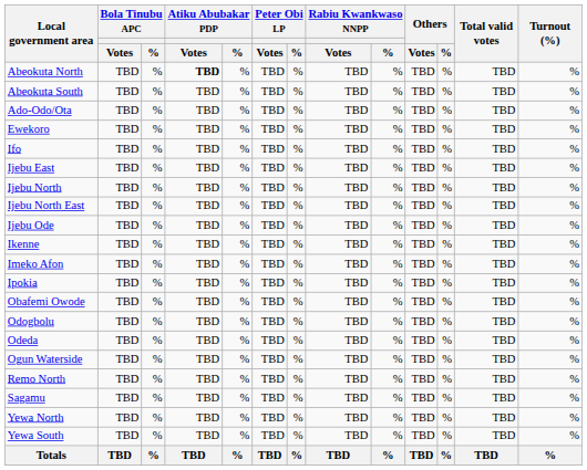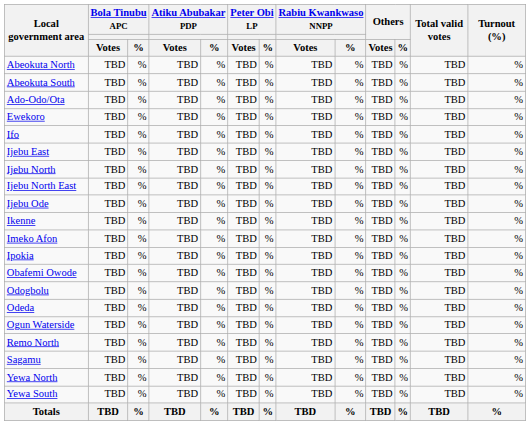 <table class="wikitable sortable" style="text-align:right; font-size:90%">
 <tr>
 <th rowspan="3" style="max-width:7.5em;">Local government area</th>
 <th colspan="2"><a href='#'>Bola Tinubu</a><br><small>APC</small></th>
 <th colspan="2"><a href='#'>Atiku Abubakar</a><br><small>PDP</small></th>
 <th colspan="2"><a href='#'>Peter Obi</a><br><small>LP</small></th>
 <th colspan="2"><a href='#'>Rabiu Kwankwaso</a><br><small>NNPP</small></th>
 <th colspan="2" rowspan="2">Others</th>
 <th rowspan="3" style="max-width:5em;">Total valid votes</th>
 <th rowspan="3" style="max-width:5em;">Turnout (%)</th>
 </tr>
 <tr>
 <th colspan=2 style="background-color:"></th>
 <th colspan=2 style="background-color:"></th>
 <th colspan=2 style="background-color:"></th>
 <th colspan=2 style="background-color:"></th>
 </tr>
 <tr>
 <th>Votes</th>
 <th>%</th>
 <th>Votes</th>
 <th>%</th>
 <th>Votes</th>
 <th>%</th>
 <th>Votes</th>
 <th>%</th>
 <th>Votes</th>
 <th>%</th>
 </tr>
 <tr style="background-color:#">
 <td style="text-align:left;"><a href='#'>Abeokuta North</a></td>
 <td>TBD</td>
 <td>%</td>
-<td><strong>TBD</strong></td>
+<td>TBD</td>
 <td>%</td>
 <td>TBD</td>
 <td>%</td>
 <td>TBD</td>
 <td>%</td>
 <td>TBD</td>
 <td>%</td>
 <td>TBD</td>
 <td>%</td>
 </tr>
 <tr style="background-color:#">
 <td style="text-align:left;"><a href='#'>Abeokuta South</a></td>
 <td>TBD</td>
 <td>%</td>
 <td>TBD</td>
 <td>%</td>
 <td>TBD</td>
 <td>%</td>
 <td>TBD</td>
 <td>%</td>
 <td>TBD</td>
 <td>%</td>
 <td>TBD</td>
 <td>%</td>
 </tr>
 <tr style="background-color:#">
 <td style="text-align:left;"><a href='#'>Ado-Odo/Ota</a></td>
 <td>TBD</td>
 <td>%</td>
 <td>TBD</td>
 <td>%</td>
 <td>TBD</td>
 <td>%</td>
 <td>TBD</td>
 <td>%</td>
 <td>TBD</td>
 <td>%</td>
 <td>TBD</td>
 <td>%</td>
 </tr>
 <tr style="background-color:#">
 <td style="text-align:left;"><a href='#'>Ewekoro</a></td>
 <td>TBD</td>
 <td>%</td>
 <td>TBD</td>
 <td>%</td>
 <td>TBD</td>
 <td>%</td>
 <td>TBD</td>
 <td>%</td>
 <td>TBD</td>
 <td>%</td>
 <td>TBD</td>
 <td>%</td>
 </tr>
 <tr style="background-color:#">
 <td style="text-align:left;"><a href='#'>Ifo</a></td>
 <td>TBD</td>
 <td>%</td>
 <td>TBD</td>
 <td>%</td>
 <td>TBD</td>
 <td>%</td>
 <td>TBD</td>
 <td>%</td>
 <td>TBD</td>
 <td>%</td>
 <td>TBD</td>
 <td>%</td>
 </tr>
 <tr style="background-color:#">
 <td style="text-align:left;"><a href='#'>Ijebu East</a></td>
 <td>TBD</td>
 <td>%</td>
 <td>TBD</td>
 <td>%</td>
 <td>TBD</td>
 <td>%</td>
 <td>TBD</td>
 <td>%</td>
 <td>TBD</td>
 <td>%</td>
 <td>TBD</td>
 <td>%</td>
 </tr>
 <tr style="background-color:#">
 <td style="text-align:left;"><a href='#'>Ijebu North</a></td>
 <td>TBD</td>
 <td>%</td>
 <td>TBD</td>
 <td>%</td>
 <td>TBD</td>
 <td>%</td>
 <td>TBD</td>
 <td>%</td>
 <td>TBD</td>
 <td>%</td>
 <td>TBD</td>
 <td>%</td>
 </tr>
 <tr style="background-color:#">
 <td style="text-align:left;"><a href='#'>Ijebu North East</a></td>
 <td>TBD</td>
 <td>%</td>
 <td>TBD</td>
 <td>%</td>
 <td>TBD</td>
 <td>%</td>
 <td>TBD</td>
 <td>%</td>
 <td>TBD</td>
 <td>%</td>
 <td>TBD</td>
 <td>%</td>
 </tr>
 <tr style="background-color:#">
 <td style="text-align:left;"><a href='#'>Ijebu Ode</a></td>
 <td>TBD</td>
 <td>%</td>
 <td>TBD</td>
 <td>%</td>
 <td>TBD</td>
 <td>%</td>
 <td>TBD</td>
 <td>%</td>
 <td>TBD</td>
 <td>%</td>
 <td>TBD</td>
 <td>%</td>
 </tr>
 <tr style="background-color:#">
 <td style="text-align:left;"><a href='#'>Ikenne</a></td>
 <td>TBD</td>
 <td>%</td>
 <td>TBD</td>
 <td>%</td>
 <td>TBD</td>
 <td>%</td>
 <td>TBD</td>
 <td>%</td>
 <td>TBD</td>
 <td>%</td>
 <td>TBD</td>
 <td>%</td>
 </tr>
 <tr style="background-color:#">
 <td style="text-align:left;"><a href='#'>Imeko Afon</a></td>
 <td>TBD</td>
 <td>%</td>
 <td>TBD</td>
 <td>%</td>
 <td>TBD</td>
 <td>%</td>
 <td>TBD</td>
 <td>%</td>
 <td>TBD</td>
 <td>%</td>
 <td>TBD</td>
 <td>%</td>
 </tr>
 <tr style="background-color:#">
 <td style="text-align:left;"><a href='#'>Ipokia</a></td>
 <td>TBD</td>
 <td>%</td>
 <td>TBD</td>
 <td>%</td>
 <td>TBD</td>
 <td>%</td>
 <td>TBD</td>
 <td>%</td>
 <td>TBD</td>
 <td>%</td>
 <td>TBD</td>
 <td>%</td>
 </tr>
 <tr style="background-color:#">
 <td style="text-align:left;"><a href='#'>Obafemi Owode</a></td>
 <td>TBD</td>
 <td>%</td>
 <td>TBD</td>
 <td>%</td>
 <td>TBD</td>
 <td>%</td>
 <td>TBD</td>
 <td>%</td>
 <td>TBD</td>
 <td>%</td>
 <td>TBD</td>
 <td>%</td>
 </tr>
 <tr style="background-color:#">
 <td style="text-align:left;"><a href='#'>Odogbolu</a></td>
 <td>TBD</td>
 <td>%</td>
 <td>TBD</td>
 <td>%</td>
 <td>TBD</td>
 <td>%</td>
 <td>TBD</td>
 <td>%</td>
 <td>TBD</td>
 <td>%</td>
 <td>TBD</td>
 <td>%</td>
 </tr>
 <tr style="background-color:#">
 <td style="text-align:left;"><a href='#'>Odeda</a></td>
 <td>TBD</td>
 <td>%</td>
 <td>TBD</td>
 <td>%</td>
 <td>TBD</td>
 <td>%</td>
 <td>TBD</td>
 <td>%</td>
 <td>TBD</td>
 <td>%</td>
 <td>TBD</td>
 <td>%</td>
 </tr>
 <tr style="background-color:#">
 <td style="text-align:left;"><a href='#'>Ogun Waterside</a></td>
 <td>TBD</td>
 <td>%</td>
 <td>TBD</td>
 <td>%</td>
 <td>TBD</td>
 <td>%</td>
 <td>TBD</td>
 <td>%</td>
 <td>TBD</td>
 <td>%</td>
 <td>TBD</td>
 <td>%</td>
 </tr>
 <tr style="background-color:#">
 <td style="text-align:left;"><a href='#'>Remo North</a></td>
 <td>TBD</td>
 <td>%</td>
 <td>TBD</td>
 <td>%</td>
 <td>TBD</td>
 <td>%</td>
 <td>TBD</td>
 <td>%</td>
 <td>TBD</td>
 <td>%</td>
 <td>TBD</td>
 <td>%</td>
 </tr>
 <tr style="background-color:#">
 <td style="text-align:left;"><a href='#'>Sagamu</a></td>
 <td>TBD</td>
 <td>%</td>
 <td>TBD</td>
 <td>%</td>
 <td>TBD</td>
 <td>%</td>
 <td>TBD</td>
 <td>%</td>
 <td>TBD</td>
 <td>%</td>
 <td>TBD</td>
 <td>%</td>
 </tr>
 <tr style="background-color:#">
 <td style="text-align:left;"><a href='#'>Yewa North</a></td>
 <td>TBD</td>
 <td>%</td>
 <td>TBD</td>
 <td>%</td>
 <td>TBD</td>
 <td>%</td>
 <td>TBD</td>
 <td>%</td>
 <td>TBD</td>
 <td>%</td>
 <td>TBD</td>
 <td>%</td>
 </tr>
 <tr style="background-color:#">
 <td style="text-align:left;"><a href='#'>Yewa South</a></td>
 <td>TBD</td>
 <td>%</td>
 <td>TBD</td>
 <td>%</td>
 <td>TBD</td>
 <td>%</td>
 <td>TBD</td>
 <td>%</td>
 <td>TBD</td>
 <td>%</td>
 <td>TBD</td>
 <td>%</td>
 </tr>
 <tr>
 <th>Totals</th>
 <th>TBD</th>
 <th>%</th>
 <th>TBD</th>
 <th>%</th>
 <th>TBD</th>
 <th>%</th>
 <th>TBD</th>
 <th>%</th>
 <th>TBD</th>
 <th>%</th>
 <th>TBD</th>
 <th>%</th>
 </tr>
 </table>
